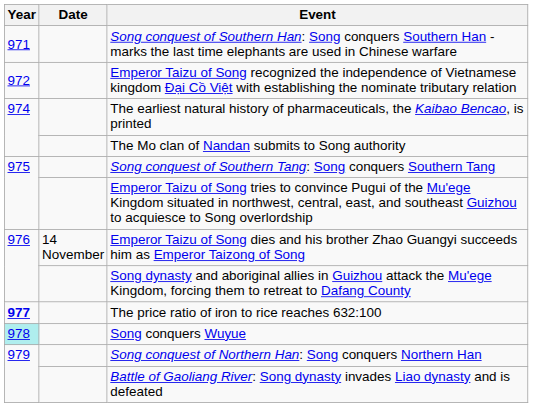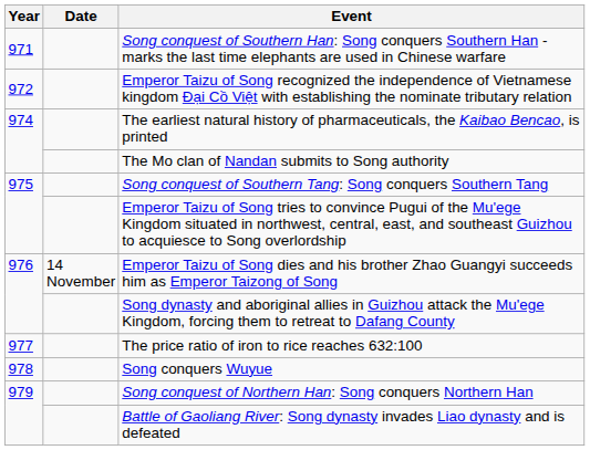 <table class="wikitable" width="100%">
 <tr>
 <th style="width:6%">Year</th>
 <th style="width:10%">Date</th>
 <th>Event</th>
 </tr>
 <tr>
 <td><a href='#'>971</a></td>
 <td></td>
 <td><em><a href='#'>Song conquest of Southern Han</a></em>: <a href='#'>Song</a> conquers <a href='#'>Southern Han</a> - marks the last time elephants are used in Chinese warfare</td>
 </tr>
 <tr>
 <td><a href='#'>972</a></td>
 <td></td>
 <td><a href='#'>Emperor Taizu of Song</a> recognized the independence of Vietnamese kingdom <a href='#'>Đại Cồ Việt</a> with establishing the nominate tributary relation</td>
 </tr>
 <tr>
 <td rowspan="2" valign="top"><a href='#'>974</a></td>
 <td></td>
 <td>The earliest natural history of pharmaceuticals, the <em><a href='#'>Kaibao Bencao</a></em>, is printed</td>
 </tr>
 <tr>
 <td></td>
 <td>The Mo clan of <a href='#'>Nandan</a> submits to Song authority</td>
 </tr>
 <tr>
 <td rowspan="2" valign="top"><a href='#'>975</a></td>
 <td></td>
 <td><em><a href='#'>Song conquest of Southern Tang</a></em>: <a href='#'>Song</a> conquers <a href='#'>Southern Tang</a></td>
 </tr>
 <tr>
 <td></td>
 <td><a href='#'>Emperor Taizu of Song</a> tries to convince Pugui of the <a href='#'>Mu'ege</a> Kingdom situated in northwest, central, east, and southeast <a href='#'>Guizhou</a> to acquiesce to Song overlordship</td>
 </tr>
 <tr>
 <td rowspan="2" valign="top"><a href='#'>976</a></td>
 <td>14 November</td>
 <td><a href='#'>Emperor Taizu of Song</a> dies and his brother Zhao Guangyi succeeds him as <a href='#'>Emperor Taizong of Song</a></td>
 </tr>
 <tr>
 <td></td>
 <td><a href='#'>Song dynasty</a> and aboriginal allies in <a href='#'>Guizhou</a> attack the <a href='#'>Mu'ege</a> Kingdom, forcing them to retreat to <a href='#'>Dafang County</a></td>
 </tr>
 <tr>
-<td><strong><a href='#'>977</a></strong></td>
+<td><a href='#'>977</a></td>
 <td></td>
 <td>The price ratio of iron to rice reaches 632:100</td>
 </tr>
 <tr>
-<td style="background: paleturquoise;"><a href='#'>978</a></td>
+<td><a href='#'>978</a></td>
 <td></td>
 <td><a href='#'>Song</a> conquers <a href='#'>Wuyue</a></td>
 </tr>
 <tr>
 <td rowspan="2" valign="top"><a href='#'>979</a></td>
 <td></td>
 <td><em><a href='#'>Song conquest of Northern Han</a></em>: <a href='#'>Song</a> conquers <a href='#'>Northern Han</a></td>
 </tr>
 <tr>
 <td></td>
 <td><em><a href='#'>Battle of Gaoliang River</a></em>: <a href='#'>Song dynasty</a> invades <a href='#'>Liao dynasty</a> and is defeated</td>
 </tr>
 </table>
